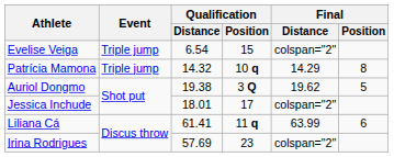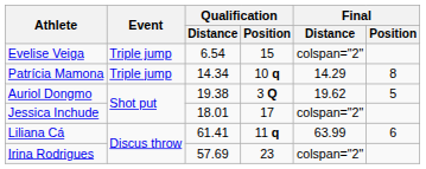 <table class="wikitable" style="font-size:90%">
 <tr>
 <th rowspan="2">Athlete</th>
 <th rowspan="2">Event</th>
 <th colspan="2">Qualification</th>
 <th colspan="2">Final</th>
 </tr>
 <tr style="font-size:95%">
 <th>Distance</th>
 <th>Position</th>
 <th>Distance</th>
 <th>Position</th>
 </tr>
 <tr align="center">
 <td align="left"><a href='#'>Evelise Veiga</a></td>
 <td align="left"><a href='#'>Triple jump</a></td>
 <td>6.54</td>
 <td>15</td>
 <td>colspan="2" </td>
 </tr>
 <tr align="center">
 <td align="left"><a href='#'>Patrícia Mamona</a></td>
 <td align="left"><a href='#'>Triple jump</a></td>
-<td>14.32</td>
+<td>14.34</td>
 <td>10 <strong>q</strong></td>
 <td>14.29</td>
 <td>8</td>
 </tr>
 <tr align="center">
 <td align="left"><a href='#'>Auriol Dongmo</a></td>
 <td rowspan="2" align="left"><a href='#'>Shot put</a></td>
 <td>19.38</td>
 <td>3 <strong>Q</strong></td>
 <td>19.62</td>
 <td>5</td>
 </tr>
 <tr align="center">
 <td align="left"><a href='#'>Jessica Inchude</a></td>
 <td>18.01</td>
 <td>17</td>
 <td>colspan="2" </td>
 </tr>
 <tr align="center">
 <td align="left"><a href='#'>Liliana Cá</a></td>
 <td rowspan="2" align="left"><a href='#'>Discus throw</a></td>
 <td>61.41</td>
 <td>11 <strong>q</strong></td>
 <td>63.99 </td>
 <td>6</td>
 </tr>
 <tr align="center">
 <td align="left"><a href='#'>Irina Rodrigues</a></td>
 <td>57.69</td>
 <td>23</td>
 <td>colspan="2" </td>
 </tr>
 </table>
